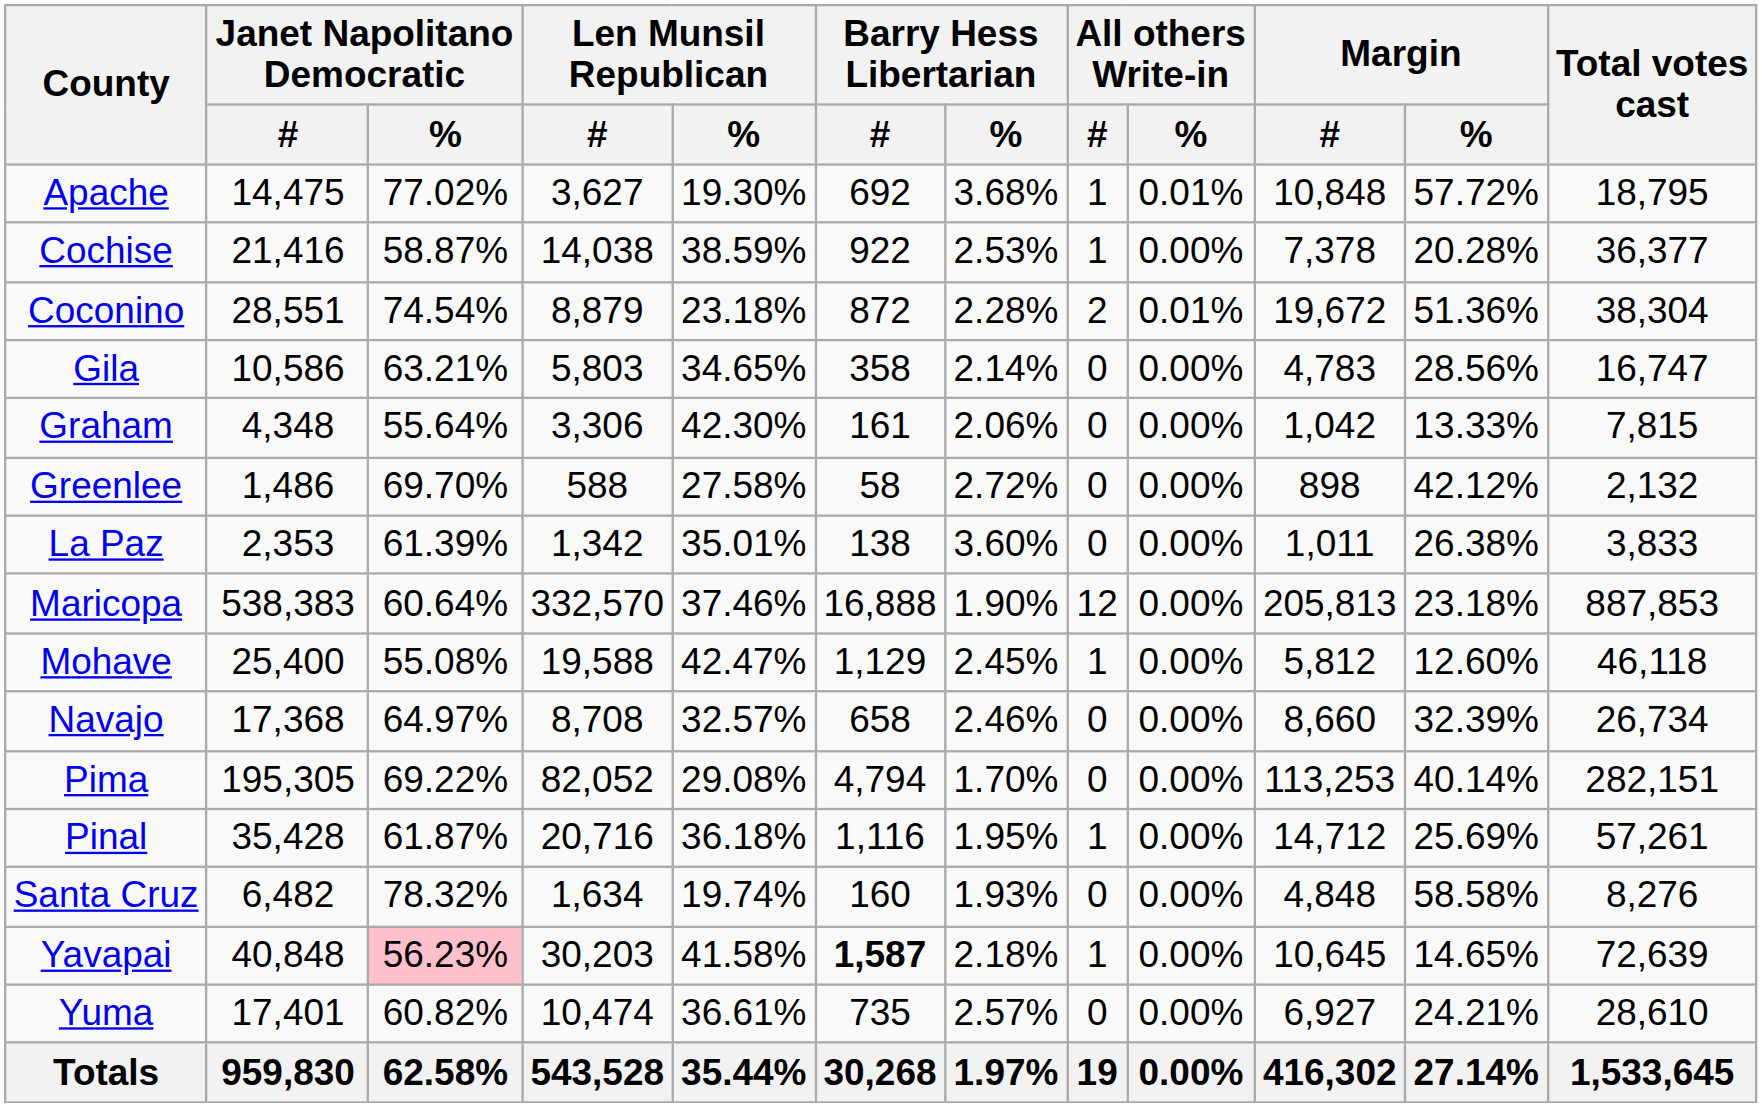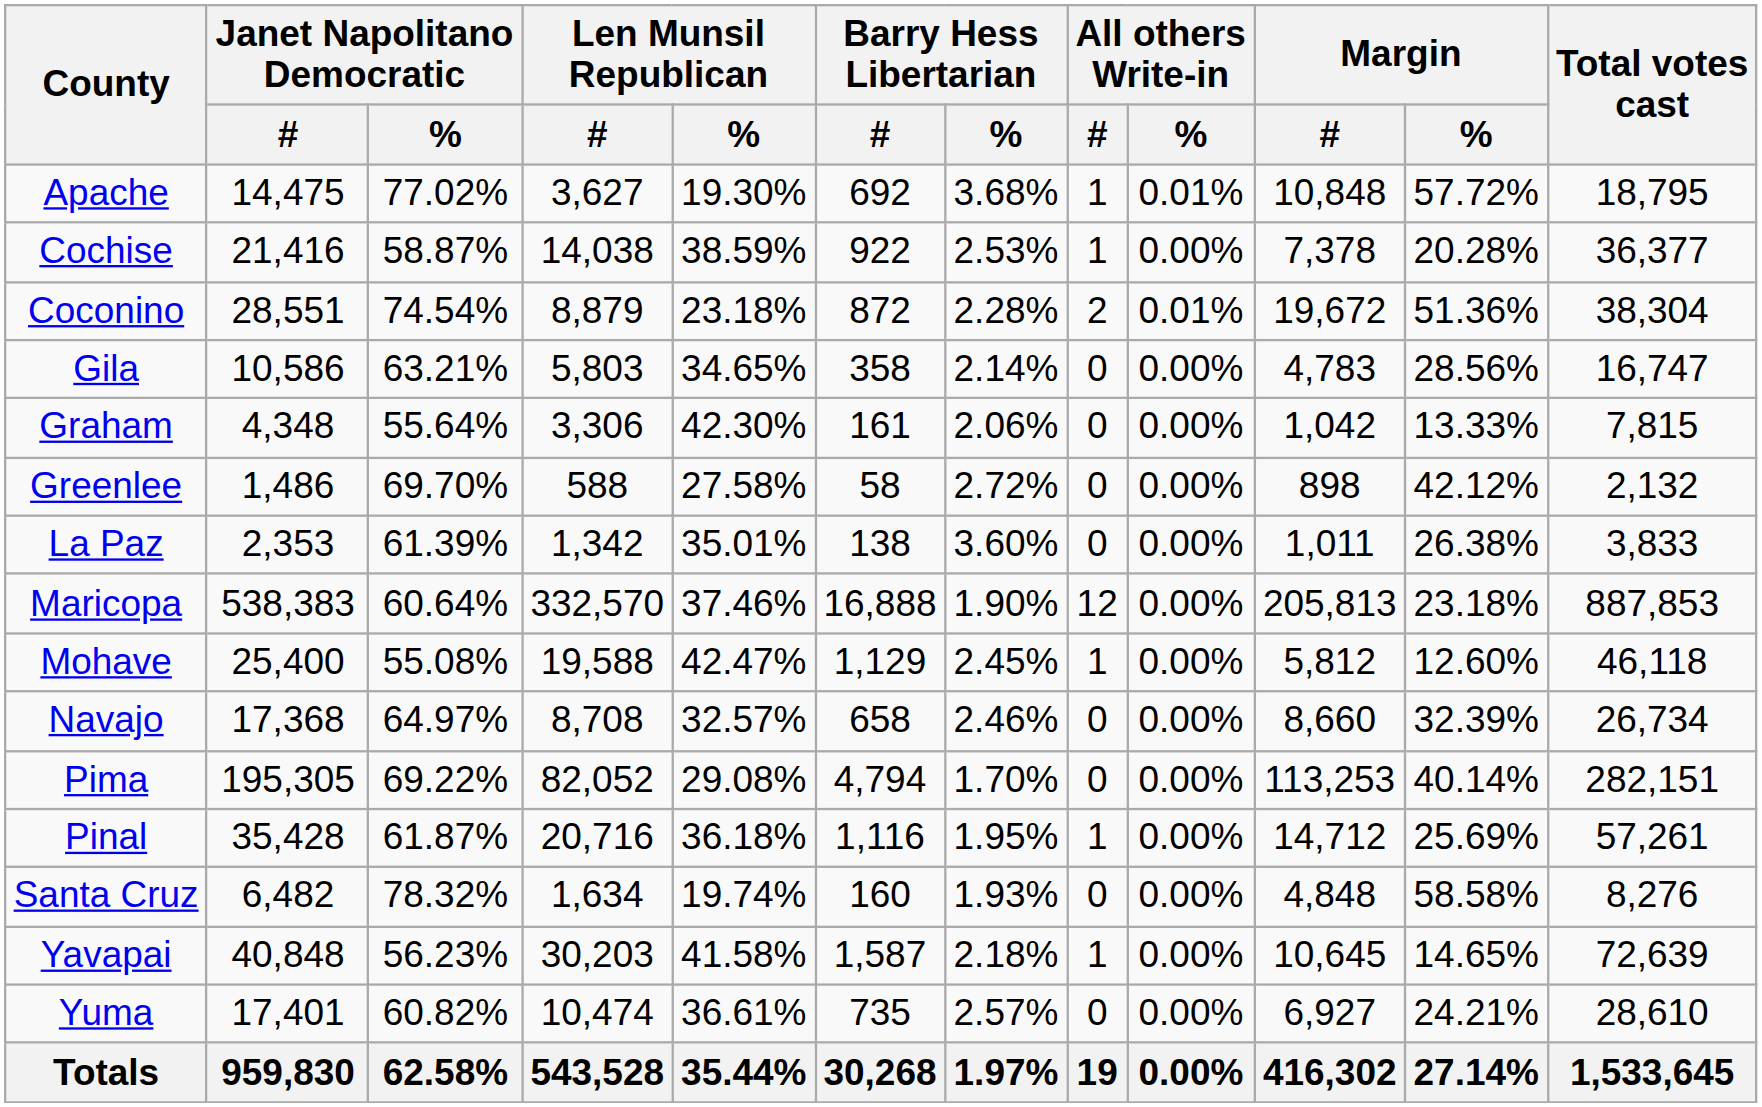 <table class="wikitable sortable">
 <tr>
 <th rowspan="2">County</th>
 <th style="text-align:center;" colspan="2">Janet Napolitano<br>Democratic</th>
 <th style="text-align:center;" colspan="2">Len Munsil<br>Republican</th>
 <th style="text-align:center;" colspan="2">Barry Hess<br>Libertarian</th>
 <th style="text-align:center;" colspan="2">All others <br>Write-in</th>
 <th style="text-align:center;" colspan="2">Margin</th>
 <th style="text-align:center;" rowspan="2">Total votes<br>cast</th>
 </tr>
 <tr>
 <th style="text-align:center;" data-sort-type="number">#</th>
 <th style="text-align:center;" data-sort-type="number">%</th>
 <th style="text-align:center;" data-sort-type="number">#</th>
 <th style="text-align:center;" data-sort-type="number">%</th>
 <th style="text-align:center;" data-sort-type="number">#</th>
 <th style="text-align:center;" data-sort-type="number">%</th>
 <th style="text-align:center;" data-sort-type="number">#</th>
 <th style="text-align:center;" data-sort-type="number">%</th>
 <th style="text-align:center;" data-sort-type="number">#</th>
 <th style="text-align:center;" data-sort-type="number">%</th>
 </tr>
 <tr style="text-align:center;">
 <td><a href='#'>Apache</a></td>
 <td>14,475</td>
 <td>77.02%</td>
 <td>3,627</td>
 <td>19.30%</td>
 <td>692</td>
 <td>3.68%</td>
 <td>1</td>
 <td>0.01%</td>
 <td>10,848</td>
 <td>57.72%</td>
 <td>18,795</td>
 </tr>
 <tr style="text-align:center;">
 <td><a href='#'>Cochise</a></td>
 <td>21,416</td>
 <td>58.87%</td>
 <td>14,038</td>
 <td>38.59%</td>
 <td>922</td>
 <td>2.53%</td>
 <td>1</td>
 <td>0.00%</td>
 <td>7,378</td>
 <td>20.28%</td>
 <td>36,377</td>
 </tr>
 <tr style="text-align:center;">
 <td><a href='#'>Coconino</a></td>
 <td>28,551</td>
 <td>74.54%</td>
 <td>8,879</td>
 <td>23.18%</td>
 <td>872</td>
 <td>2.28%</td>
 <td>2</td>
 <td>0.01%</td>
 <td>19,672</td>
 <td>51.36%</td>
 <td>38,304</td>
 </tr>
 <tr style="text-align:center;">
 <td><a href='#'>Gila</a></td>
 <td>10,586</td>
 <td>63.21%</td>
 <td>5,803</td>
 <td>34.65%</td>
 <td>358</td>
 <td>2.14%</td>
 <td>0</td>
 <td>0.00%</td>
 <td>4,783</td>
 <td>28.56%</td>
 <td>16,747</td>
 </tr>
 <tr style="text-align:center;">
 <td><a href='#'>Graham</a></td>
 <td>4,348</td>
 <td>55.64%</td>
 <td>3,306</td>
 <td>42.30%</td>
 <td>161</td>
 <td>2.06%</td>
 <td>0</td>
 <td>0.00%</td>
 <td>1,042</td>
 <td>13.33%</td>
 <td>7,815</td>
 </tr>
 <tr style="text-align:center;">
 <td><a href='#'>Greenlee</a></td>
 <td>1,486</td>
 <td>69.70%</td>
 <td>588</td>
 <td>27.58%</td>
 <td>58</td>
 <td>2.72%</td>
 <td>0</td>
 <td>0.00%</td>
 <td>898</td>
 <td>42.12%</td>
 <td>2,132</td>
 </tr>
 <tr style="text-align:center;">
 <td><a href='#'>La Paz</a></td>
 <td>2,353</td>
 <td>61.39%</td>
 <td>1,342</td>
 <td>35.01%</td>
 <td>138</td>
 <td>3.60%</td>
 <td>0</td>
 <td>0.00%</td>
 <td>1,011</td>
 <td>26.38%</td>
 <td>3,833</td>
 </tr>
 <tr style="text-align:center;">
 <td><a href='#'>Maricopa</a></td>
 <td>538,383</td>
 <td>60.64%</td>
 <td>332,570</td>
 <td>37.46%</td>
 <td>16,888</td>
 <td>1.90%</td>
 <td>12</td>
 <td>0.00%</td>
 <td>205,813</td>
 <td>23.18%</td>
 <td>887,853</td>
 </tr>
 <tr style="text-align:center;">
 <td><a href='#'>Mohave</a></td>
 <td>25,400</td>
 <td>55.08%</td>
 <td>19,588</td>
 <td>42.47%</td>
 <td>1,129</td>
 <td>2.45%</td>
 <td>1</td>
 <td>0.00%</td>
 <td>5,812</td>
 <td>12.60%</td>
 <td>46,118</td>
 </tr>
 <tr style="text-align:center;">
 <td><a href='#'>Navajo</a></td>
 <td>17,368</td>
 <td>64.97%</td>
 <td>8,708</td>
 <td>32.57%</td>
 <td>658</td>
 <td>2.46%</td>
 <td>0</td>
 <td>0.00%</td>
 <td>8,660</td>
 <td>32.39%</td>
 <td>26,734</td>
 </tr>
 <tr style="text-align:center;">
 <td><a href='#'>Pima</a></td>
 <td>195,305</td>
 <td>69.22%</td>
 <td>82,052</td>
 <td>29.08%</td>
 <td>4,794</td>
 <td>1.70%</td>
 <td>0</td>
 <td>0.00%</td>
 <td>113,253</td>
 <td>40.14%</td>
 <td>282,151</td>
 </tr>
 <tr style="text-align:center;">
 <td><a href='#'>Pinal</a></td>
 <td>35,428</td>
 <td>61.87%</td>
 <td>20,716</td>
 <td>36.18%</td>
 <td>1,116</td>
 <td>1.95%</td>
 <td>1</td>
 <td>0.00%</td>
 <td>14,712</td>
 <td>25.69%</td>
 <td>57,261</td>
 </tr>
 <tr style="text-align:center;">
 <td><a href='#'>Santa Cruz</a></td>
 <td>6,482</td>
 <td>78.32%</td>
 <td>1,634</td>
 <td>19.74%</td>
 <td>160</td>
 <td>1.93%</td>
 <td>0</td>
 <td>0.00%</td>
 <td>4,848</td>
 <td>58.58%</td>
 <td>8,276</td>
 </tr>
 <tr style="text-align:center;">
 <td><a href='#'>Yavapai</a></td>
 <td>40,848</td>
-<td style="background: pink;">56.23%</td>
+<td>56.23%</td>
 <td>30,203</td>
 <td>41.58%</td>
-<td><strong>1,587</strong></td>
+<td>1,587</td>
 <td>2.18%</td>
 <td>1</td>
 <td>0.00%</td>
 <td>10,645</td>
 <td>14.65%</td>
 <td>72,639</td>
 </tr>
 <tr style="text-align:center;">
 <td><a href='#'>Yuma</a></td>
 <td>17,401</td>
 <td>60.82%</td>
 <td>10,474</td>
 <td>36.61%</td>
 <td>735</td>
 <td>2.57%</td>
 <td>0</td>
 <td>0.00%</td>
 <td>6,927</td>
 <td>24.21%</td>
 <td>28,610</td>
 </tr>
 <tr style="text-align:center;">
 <th>Totals</th>
 <th>959,830</th>
 <th>62.58%</th>
 <th>543,528</th>
 <th>35.44%</th>
 <th>30,268</th>
 <th>1.97%</th>
 <th>19</th>
 <th>0.00%</th>
 <th>416,302</th>
 <th>27.14%</th>
 <th>1,533,645</th>
 </tr>
 </table>
